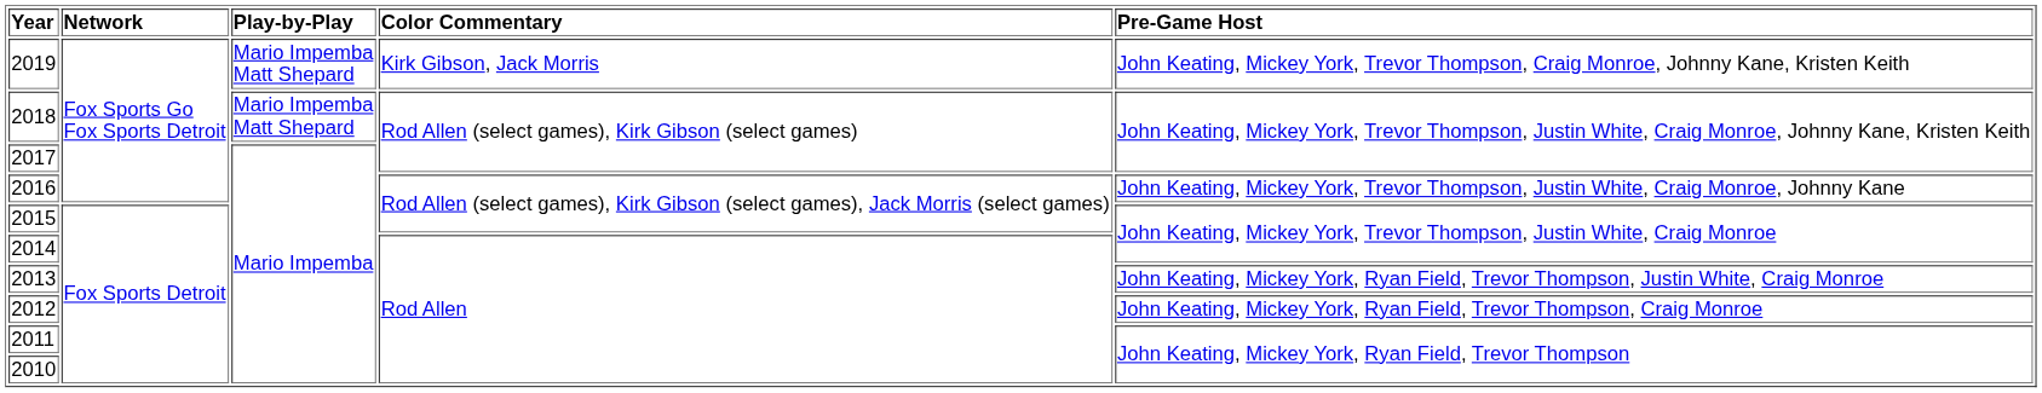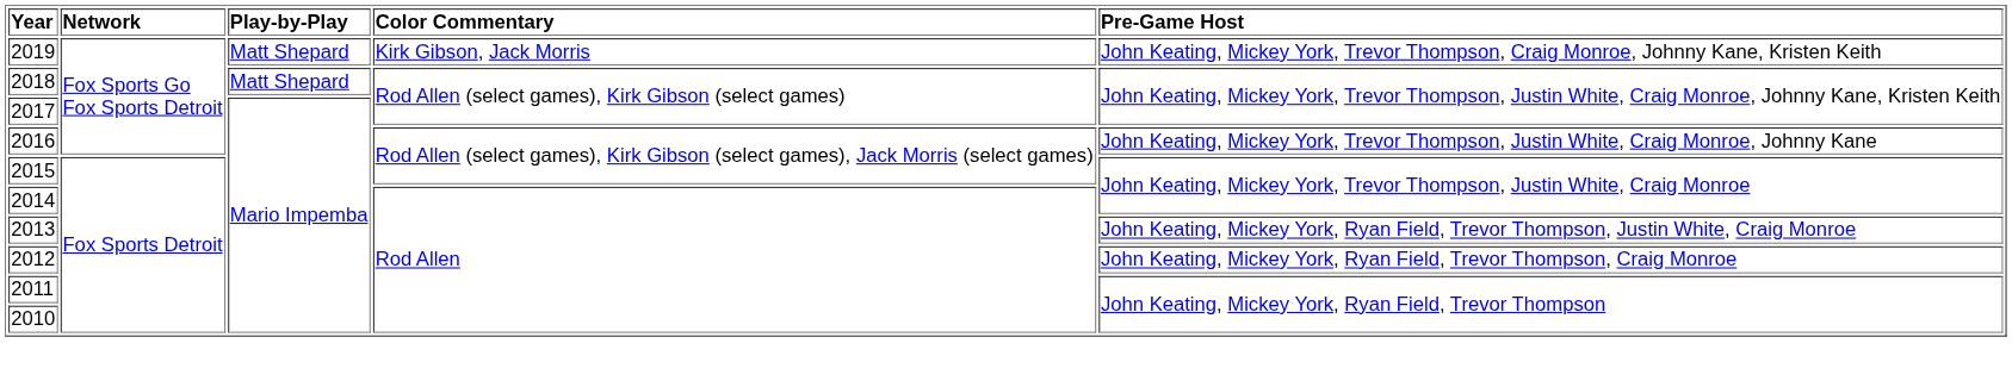 <table border="1" cellpadding="1">
 <tr>
 <td><strong>Year</strong></td>
 <td><strong>Network</strong></td>
 <td><strong>Play-by-Play</strong></td>
 <td><strong>Color Commentary</strong></td>
 <td><strong>Pre-Game Host</strong></td>
 </tr>
 <tr>
 <td>2019</td>
 <td rowspan="4"><a href='#'>Fox Sports Go</a><br><a href='#'>Fox Sports Detroit</a></td>
-<td><a href='#'>Mario Impemba</a> <br> <a href='#'>Matt Shepard</a></td>
+<td><a href='#'>Matt Shepard</a></td>
 <td><a href='#'>Kirk Gibson</a>, <a href='#'>Jack Morris</a></td>
 <td><a href='#'>John Keating</a>, <a href='#'>Mickey York</a>, <a href='#'>Trevor Thompson</a>, <a href='#'>Craig Monroe</a>, Johnny Kane, Kristen Keith</td>
 </tr>
 <tr>
 <td>2018</td>
-<td><a href='#'>Mario Impemba</a> <br> <a href='#'>Matt Shepard</a></td>
+<td><a href='#'>Matt Shepard</a></td>
 <td rowspan=2><a href='#'>Rod Allen</a> (select games), <a href='#'>Kirk Gibson</a> (select games)</td>
 <td rowspan=2><a href='#'>John Keating</a>, <a href='#'>Mickey York</a>, <a href='#'>Trevor Thompson</a>, <a href='#'>Justin White</a>, <a href='#'>Craig Monroe</a>, Johnny Kane, Kristen Keith</td>
 </tr>
 <tr>
 <td>2017</td>
 <td rowspan=8><a href='#'>Mario Impemba</a></td>
 </tr>
 <tr>
 <td>2016</td>
 <td rowspan=2><a href='#'>Rod Allen</a> (select games), <a href='#'>Kirk Gibson</a> (select games), <a href='#'>Jack Morris</a> (select games)</td>
 <td><a href='#'>John Keating</a>, <a href='#'>Mickey York</a>, <a href='#'>Trevor Thompson</a>, <a href='#'>Justin White</a>, <a href='#'>Craig Monroe</a>, Johnny Kane</td>
 </tr>
 <tr>
 <td>2015</td>
 <td rowspan="6"><a href='#'>Fox Sports Detroit</a></td>
 <td rowspan="2"><a href='#'>John Keating</a>, <a href='#'>Mickey York</a>, <a href='#'>Trevor Thompson</a>, <a href='#'>Justin White</a>, <a href='#'>Craig Monroe</a></td>
 </tr>
 <tr>
 <td>2014</td>
 <td rowspan=5><a href='#'>Rod Allen</a></td>
 </tr>
 <tr>
 <td>2013</td>
 <td><a href='#'>John Keating</a>, <a href='#'>Mickey York</a>, <a href='#'>Ryan Field</a>, <a href='#'>Trevor Thompson</a>, <a href='#'>Justin White</a>, <a href='#'>Craig Monroe</a></td>
 </tr>
 <tr>
 <td>2012</td>
 <td><a href='#'>John Keating</a>, <a href='#'>Mickey York</a>, <a href='#'>Ryan Field</a>, <a href='#'>Trevor Thompson</a>, <a href='#'>Craig Monroe</a></td>
 </tr>
 <tr>
 <td>2011</td>
 <td rowspan=2><a href='#'>John Keating</a>, <a href='#'>Mickey York</a>, <a href='#'>Ryan Field</a>, <a href='#'>Trevor Thompson</a></td>
 </tr>
 <tr>
 <td>2010</td>
 </tr>
 </table>
